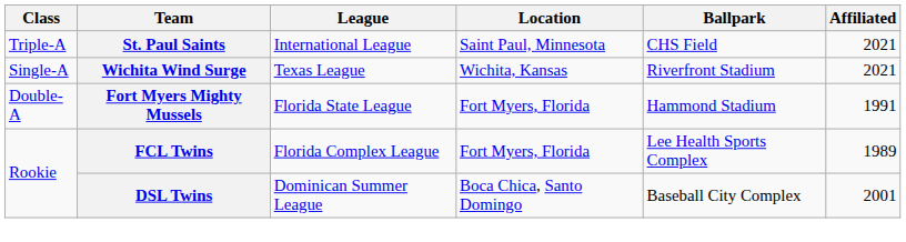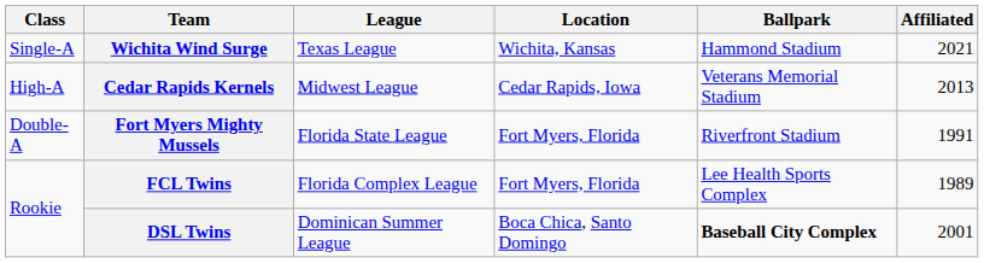 <table class="wikitable plainrowheaders sortable">
 <tr>
 <th scope="col">Class</th>
 <th scope="col">Team</th>
 <th scope="col">League</th>
 <th scope="col">Location</th>
 <th scope="col">Ballpark</th>
 <th scope="col">Affiliated</th>
 </tr>
 <tr>
-<td><a href='#'>Triple-A</a></td>
-<th scope="row"><a href='#'>St. Paul Saints</a></th>
-<td><a href='#'>International League</a></td>
-<td><a href='#'>Saint Paul, Minnesota</a></td>
-<td><a href='#'>CHS Field</a></td>
-<td align="right">2021</td>
-</tr>
-<tr>
 <td><a href='#'>Single-A</a></td>
 <th scope="row"><a href='#'>Wichita Wind Surge</a></th>
 <td><a href='#'>Texas League</a></td>
 <td><a href='#'>Wichita, Kansas</a></td>
-<td><a href='#'>Riverfront Stadium</a></td>
+<td><a href='#'>Hammond Stadium</a></td>
 <td align="right">2021</td>
+</tr>
+<tr>
+<td><a href='#'>High-A</a></td>
+<th scope="row"><a href='#'>Cedar Rapids Kernels</a></th>
+<td><a href='#'>Midwest League</a></td>
+<td><a href='#'>Cedar Rapids, Iowa</a></td>
+<td><a href='#'>Veterans Memorial Stadium</a></td>
+<td align="right">2013</td>
 </tr>
 <tr>
 <td><a href='#'>Double-A</a></td>
 <th scope="row"><a href='#'>Fort Myers Mighty Mussels</a></th>
 <td><a href='#'>Florida State League</a></td>
 <td><a href='#'>Fort Myers, Florida</a></td>
-<td><a href='#'>Hammond Stadium</a></td>
+<td><a href='#'>Riverfront Stadium</a></td>
 <td align="right">1991</td>
 </tr>
 <tr>
 <td rowspan=2><a href='#'>Rookie</a></td>
 <th scope="row"><a href='#'>FCL Twins</a></th>
 <td><a href='#'>Florida Complex League</a></td>
 <td><a href='#'>Fort Myers, Florida</a></td>
 <td><a href='#'>Lee Health Sports Complex</a></td>
 <td align="right">1989</td>
 </tr>
 <tr>
 <th scope="row"><a href='#'>DSL Twins</a></th>
 <td><a href='#'>Dominican Summer League</a></td>
 <td><a href='#'>Boca Chica</a>, <a href='#'>Santo Domingo</a></td>
-<td>Baseball City Complex</td>
+<td><strong>Baseball City Complex</strong></td>
 <td align="right">2001</td>
 </tr>
 </table>
